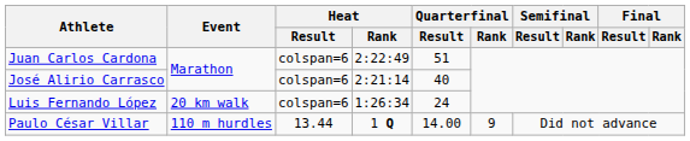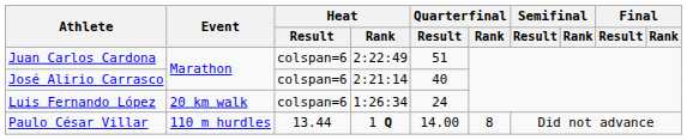 <table class=wikitable style="font-size:90%">
 <tr>
 <th rowspan="2">Athlete</th>
 <th rowspan="2">Event</th>
 <th colspan="2">Heat</th>
 <th colspan="2">Quarterfinal</th>
 <th colspan="2">Semifinal</th>
 <th colspan="2">Final</th>
 </tr>
 <tr style="font-size:95%">
 <th>Result</th>
 <th>Rank</th>
 <th>Result</th>
 <th>Rank</th>
 <th>Result</th>
 <th>Rank</th>
 <th>Result</th>
 <th>Rank</th>
 </tr>
 <tr align=center>
 <td align=left><a href='#'>Juan Carlos Cardona</a></td>
 <td align=left rowspan=2><a href='#'>Marathon</a></td>
 <td>colspan=6 </td>
 <td>2:22:49</td>
 <td>51</td>
 </tr>
 <tr align=center>
 <td align=left><a href='#'>José Alirio Carrasco</a></td>
 <td>colspan=6 </td>
 <td>2:21:14</td>
 <td>40</td>
 </tr>
 <tr align=center>
 <td align=left><a href='#'>Luis Fernando López</a></td>
 <td align=left><a href='#'>20 km walk</a></td>
 <td>colspan=6 </td>
 <td>1:26:34</td>
 <td>24</td>
 </tr>
 <tr align=center>
 <td align=left><a href='#'>Paulo César Villar</a></td>
 <td align=left><a href='#'>110 m hurdles</a></td>
 <td>13.44 <strong></strong></td>
 <td>1 <strong>Q</strong></td>
 <td>14.00</td>
-<td>9</td>
+<td>8</td>
 <td colspan=4>Did not advance</td>
 </tr>
 </table>
